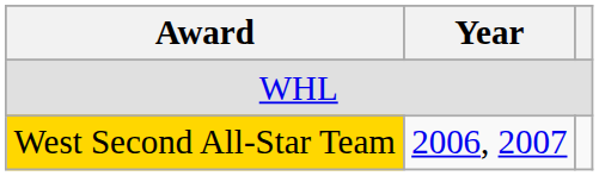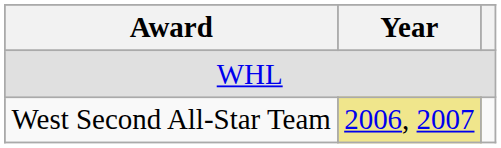 <table class="wikitable">
 <tr>
 <th>Award</th>
 <th>Year</th>
 <th></th>
 </tr>
 <tr ALIGN="center" bgcolor="#e0e0e0">
 <td colspan="3"><a href='#'>WHL</a></td>
 </tr>
 <tr>
-<td style="background: gold;">West Second All-Star Team</td>
-<td><a href='#'>2006</a>, <a href='#'>2007</a></td>
+<td>West Second All-Star Team</td>
+<td style="background: khaki;"><a href='#'>2006</a>, <a href='#'>2007</a></td>
 <td></td>
 </tr>
 </table>
